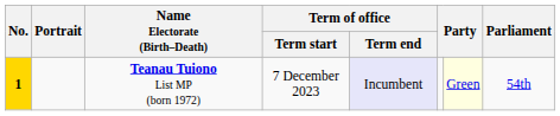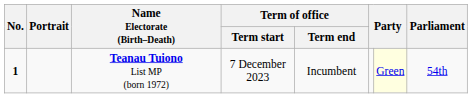 <table class="wikitable" style="text-align:center">
 <tr>
 <th rowspan="2">No.</th>
 <th rowspan="2" scope="col">Portrait</th>
 <th rowspan="2" scope="col" width="200px">Name<br><small>Electorate<br>(Birth–Death)</small></th>
 <th colspan="2" scope="col" width="100px">Term of office</th>
 <th colspan="2" rowspan="2">Party</th>
 <th rowspan="2">Parliament</th>
 </tr>
 <tr>
 <th width="95px">Term start</th>
 <th width="95px">Term end</th>
 </tr>
 <tr>
-<td style="background: gold;"><strong>1</strong></td>
+<td><strong>1</strong></td>
 <td></td>
 <td><strong><a href='#'>Teanau Tuiono</a></strong><br><small>List MP</small><br><small>(born 1972)</small></td>
 <td>7 December<br>2023</td>
-<td style="background: lavender;">Incumbent</td>
+<td>Incumbent</td>
 <td style="background:"></td>
 <td style="background: lightyellow;"><a href='#'>Green</a></td>
 <td rowspan="5"><a href='#'>54th</a></td>
 </tr>
 </table>
